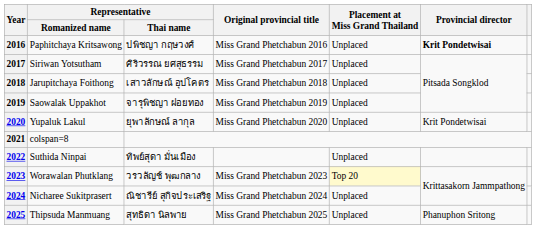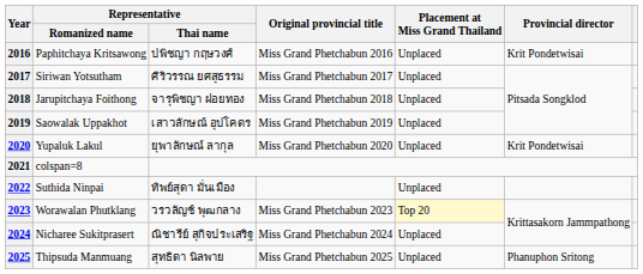 <table class="wikitable defaultcenter col2left col3left col6left" style="font-size:95%;">
 <tr>
 <th rowspan=2>Year</th>
 <th colspan=2>Representative</th>
 <th rowspan=2>Original provincial title</th>
 <th rowspan=2>Placement at<br>Miss Grand Thailand</th>
 <th rowspan=2>Provincial director</th>
 <th rowspan=2></th>
 </tr>
 <tr>
 <th>Romanized name</th>
 <th>Thai name</th>
 </tr>
 <tr>
 <th>2016</th>
 <td>Paphitchaya Kritsawong</td>
 <td>ปพิชญา กฤษวงศ์</td>
 <td>Miss Grand Phetchabun 2016</td>
 <td>Unplaced</td>
-<td><strong>Krit Pondetwisai</strong></td>
+<td>Krit Pondetwisai</td>
 <td></td>
 </tr>
 <tr>
 <th>2017</th>
 <td>Siriwan Yotsutham</td>
 <td>ศิริวรรณ ยศสุธรรม</td>
 <td>Miss Grand Phetchabun 2017</td>
 <td>Unplaced</td>
 <td rowspan=3>Pitsada Songklod</td>
 <td></td>
 </tr>
 <tr>
 <th>2018</th>
 <td>Jarupitchaya Foithong</td>
-<td>เสาวลักษณ์ อุปโคตร</td>
+<td>จารุพิชญา ฝอยทอง</td>
 <td>Miss Grand Phetchabun 2018</td>
 <td>Unplaced</td>
 <td></td>
 </tr>
 <tr>
 <th>2019</th>
 <td>Saowalak Uppakhot</td>
-<td>จารุพิชญา ฝอยทอง</td>
+<td>เสาวลักษณ์ อุปโคตร</td>
 <td>Miss Grand Phetchabun 2019</td>
 <td>Unplaced</td>
 <td></td>
 </tr>
 <tr>
 <th><a href='#'>2020</a></th>
 <td>Yupaluk Lakul</td>
 <td>ยุพาลักษณ์ ลากุล</td>
 <td>Miss Grand Phetchabun 2020</td>
 <td>Unplaced</td>
 <td>Krit Pondetwisai</td>
 <td></td>
 </tr>
 <tr>
 <th>2021</th>
 <td>colspan=8 </td>
 </tr>
 <tr>
 <th><a href='#'>2022</a></th>
 <td>Suthida Ninpai</td>
 <td>ทิพย์สุดา มั่นเมือง</td>
 <td></td>
 <td>Unplaced</td>
 <td></td>
 <td></td>
 </tr>
 <tr>
 <th><a href='#'>2023</a></th>
 <td>Worawalan Phutklang</td>
 <td>วรวลัญช์ พุฒกลาง</td>
 <td>Miss Grand Phetchabun 2023</td>
 <td bgcolor=#FFFACD>Top 20</td>
 <td rowspan=2>Krittasakorn Jammpathong</td>
 <td></td>
 </tr>
 <tr>
 <th><a href='#'>2024</a></th>
 <td>Nicharee Sukitprasert</td>
 <td>ณิชารีย์ สุกิจประเสริฐ</td>
 <td>Miss Grand Phetchabun 2024</td>
 <td>Unplaced</td>
 <td></td>
 </tr>
 <tr>
 <th><a href='#'>2025</a></th>
 <td>Thipsuda Manmuang</td>
 <td>สุทธิดา นิลพาย</td>
 <td>Miss Grand Phetchabun 2025</td>
 <td>Unplaced</td>
 <td>Phanuphon Sritong</td>
 <td></td>
 </tr>
 </table>
